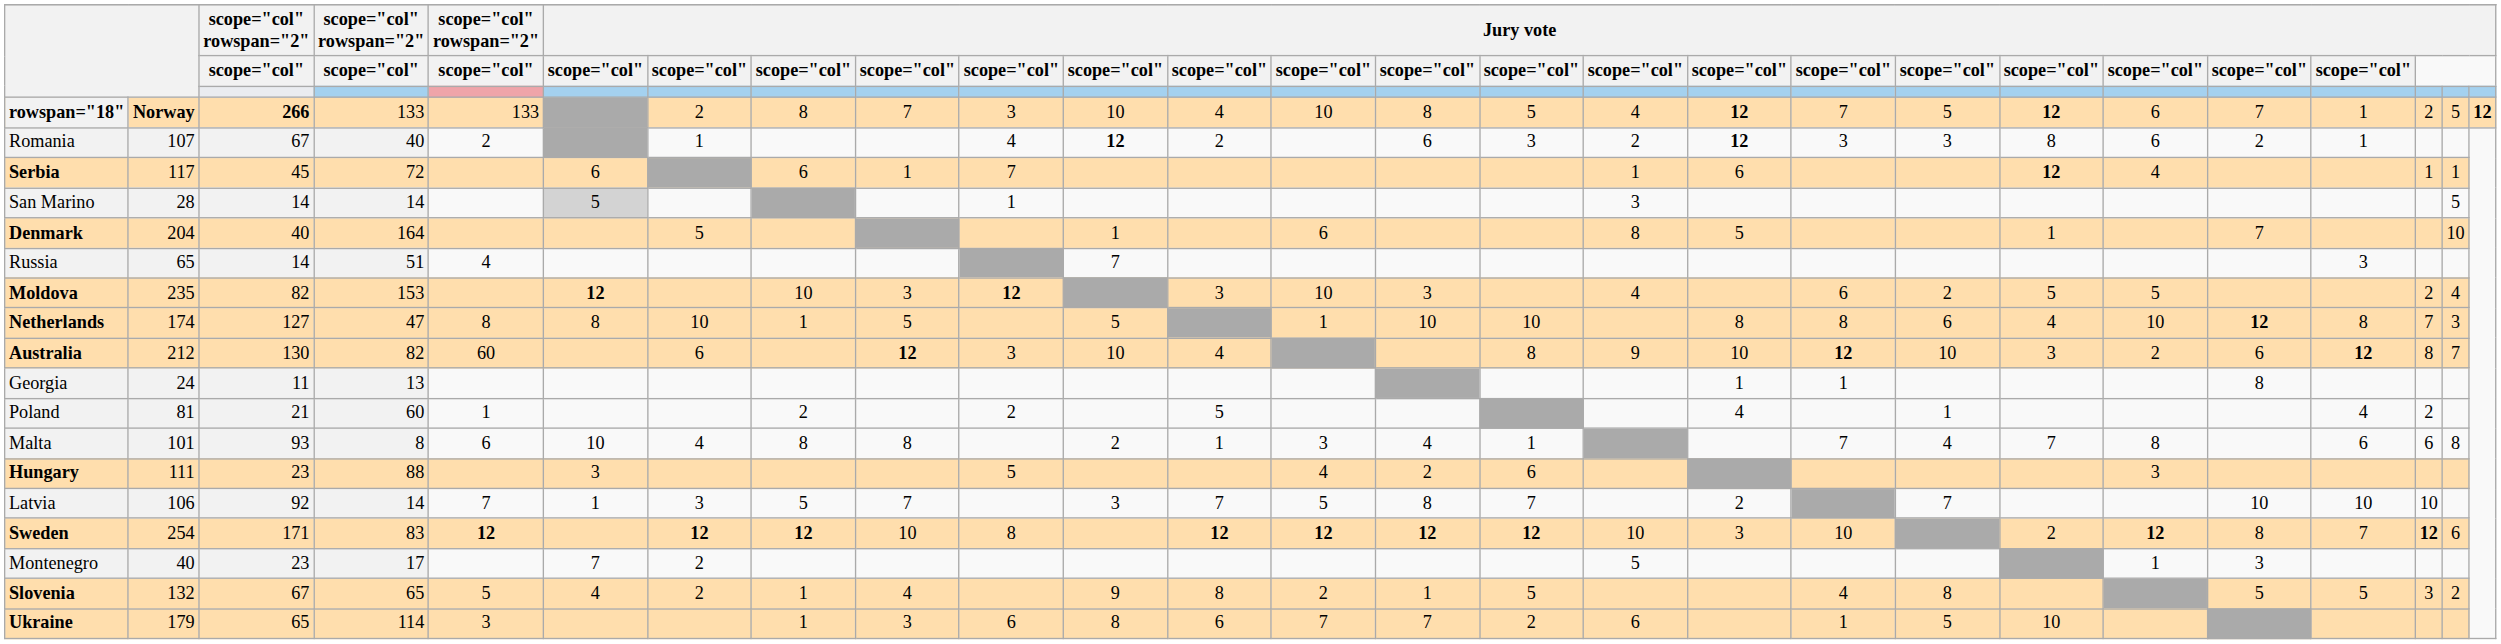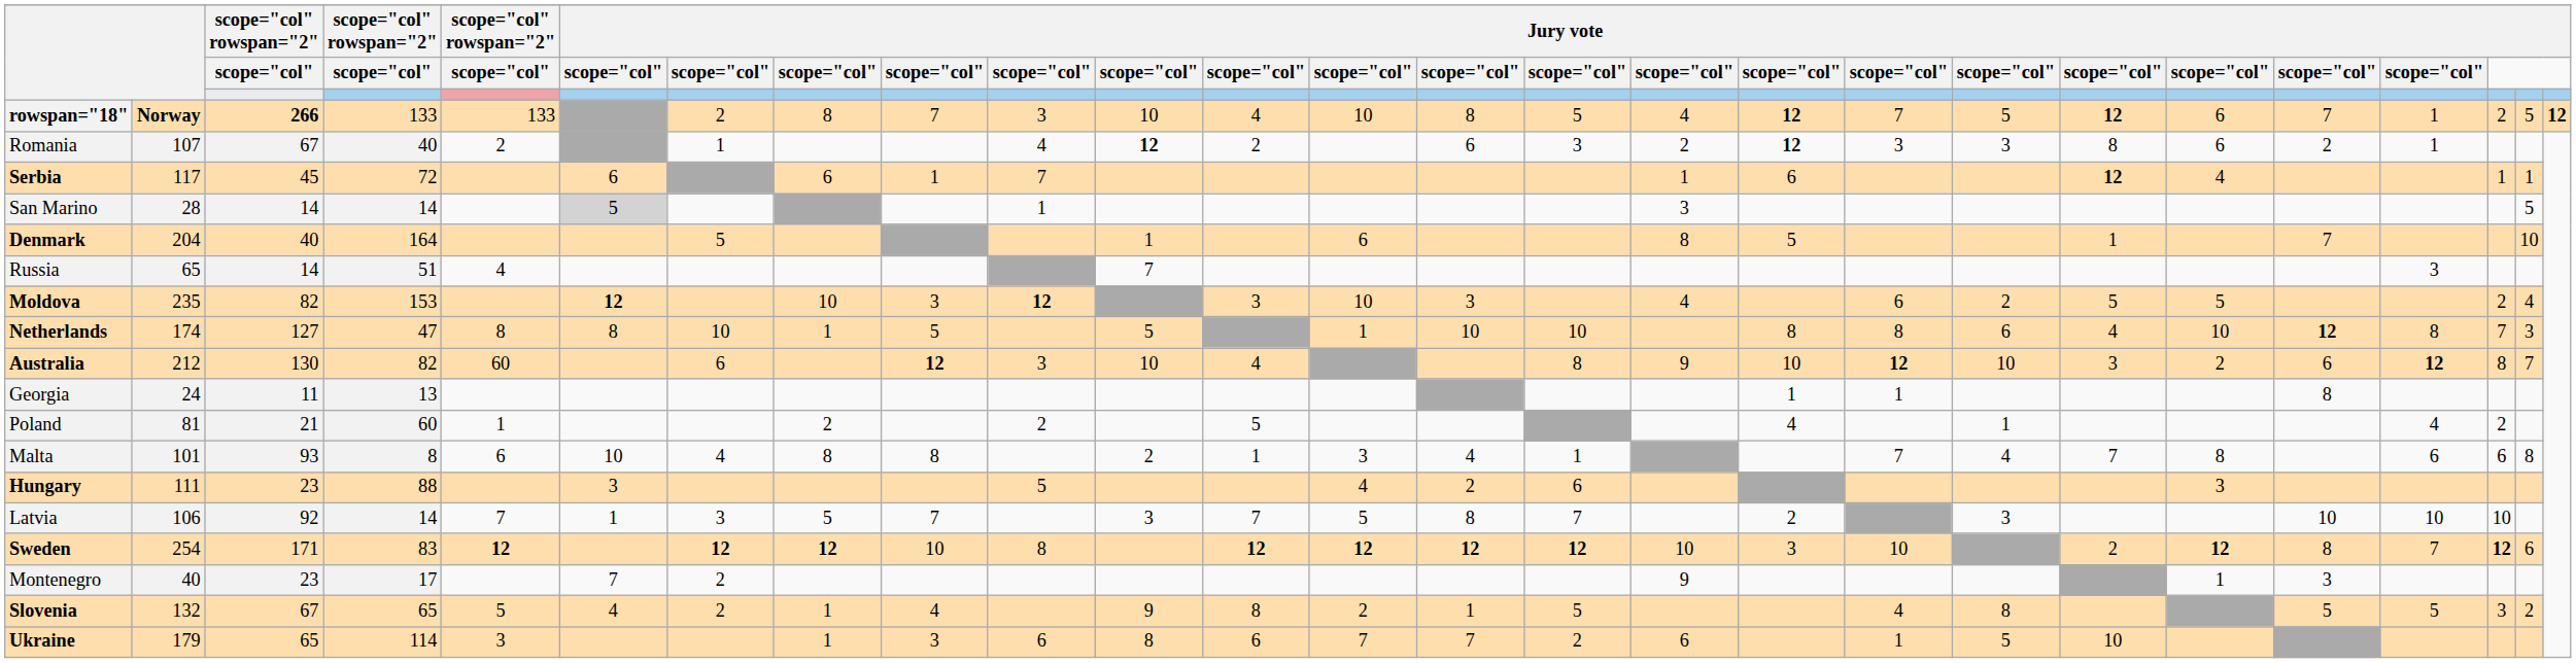 <table class="wikitable plainrowheaders" style="text-align:center; font-size:85%;">
 <tr>
 </tr>
 <tr>
 <td colspan="2" rowspan="3" style="background: #F2F2F2;"></td>
 <th>scope="col" rowspan="2" </th>
 <th>scope="col" rowspan="2" </th>
 <th>scope="col" rowspan="2" </th>
 <th scope="col" colspan="21">Jury vote</th>
 </tr>
 <tr>
 <th>scope="col" </th>
 <th>scope="col" </th>
 <th>scope="col" </th>
 <th>scope="col" </th>
 <th>scope="col" </th>
 <th>scope="col" </th>
 <th>scope="col" </th>
 <th>scope="col" </th>
 <th>scope="col" </th>
 <th>scope="col" </th>
 <th>scope="col" </th>
 <th>scope="col" </th>
 <th>scope="col" </th>
 <th>scope="col" </th>
 <th>scope="col" </th>
 <th>scope="col" </th>
 <th>scope="col" </th>
 <th>scope="col" </th>
 <th>scope="col" </th>
 <th>scope="col" </th>
 <th>scope="col" </th>
 </tr>
 <tr>
 <td style="height:2px; background:#eaecf0; border-top:1px solid transparent;"></td>
 <td style="background:#A4D1EF;"></td>
 <td style="background:#EFA4A9;"></td>
 <th style="background:#A4D1EF;"></th>
 <th style="background:#A4D1EF;"></th>
 <th style="background:#A4D1EF;"></th>
 <th style="background:#A4D1EF;"></th>
 <th style="background:#A4D1EF;"></th>
 <th style="background:#A4D1EF;"></th>
 <th style="background:#A4D1EF;"></th>
 <th style="background:#A4D1EF;"></th>
 <th style="background:#A4D1EF;"></th>
 <th style="background:#A4D1EF;"></th>
 <th style="background:#A4D1EF;"></th>
 <th style="background:#A4D1EF;"></th>
 <th style="background:#A4D1EF;"></th>
 <th style="background:#A4D1EF;"></th>
 <th style="background:#A4D1EF;"></th>
 <th style="background:#A4D1EF;"></th>
 <th style="background:#A4D1EF;"></th>
 <th style="background:#A4D1EF;"></th>
 <th style="background:#A4D1EF;"></th>
 <th style="background:#A4D1EF;"></th>
 <th style="background:#A4D1EF;"></th>
 </tr>
 <tr style="background:#ffdead;">
 <th>rowspan="18" </th>
 <td scope="row" style="text-align:left; font-weight:bold; background:#ffdead;">Norway</td>
 <td style="text-align:right;"><strong>266</strong></td>
 <td style="text-align:right;">133</td>
 <td style="text-align:right;">133</td>
 <td style="background:#AAAAAA;"></td>
 <td>2</td>
 <td>8</td>
 <td>7</td>
 <td>3</td>
 <td>10</td>
 <td>4</td>
 <td>10</td>
 <td>8</td>
 <td>5</td>
 <td>4</td>
 <td><strong>12</strong></td>
 <td>7</td>
 <td>5</td>
 <td><strong>12</strong></td>
 <td>6</td>
 <td>7</td>
 <td>1</td>
 <td>2</td>
 <td>5</td>
 <td><strong>12</strong></td>
 </tr>
 <tr>
 <td scope="row" style="text-align:left; background:#f2f2f2;">Romania</td>
 <td style="text-align:right; background:#f2f2f2;">107</td>
 <td style="text-align:right; background:#f2f2f2;">67</td>
 <td style="text-align:right; background:#f2f2f2;">40</td>
 <td>2</td>
 <td style="background:#AAAAAA;"></td>
 <td>1</td>
 <td></td>
 <td></td>
 <td>4</td>
 <td><strong>12</strong></td>
 <td>2</td>
 <td></td>
 <td>6</td>
 <td>3</td>
 <td>2</td>
 <td><strong>12</strong></td>
 <td>3</td>
 <td>3</td>
 <td>8</td>
 <td>6</td>
 <td>2</td>
 <td>1</td>
 <td></td>
 <td></td>
 </tr>
 <tr style="background:#ffdead;">
 <td scope="row" style="text-align:left; font-weight:bold; background:#ffdead;">Serbia</td>
 <td style="text-align:right;">117</td>
 <td style="text-align:right;">45</td>
 <td style="text-align:right;">72</td>
 <td></td>
 <td>6</td>
 <td style="background:#AAAAAA;"></td>
 <td>6</td>
 <td>1</td>
 <td>7</td>
 <td></td>
 <td></td>
 <td></td>
 <td></td>
 <td></td>
 <td>1</td>
 <td>6</td>
 <td></td>
 <td></td>
 <td><strong>12</strong></td>
 <td>4</td>
 <td></td>
 <td></td>
 <td>1</td>
 <td>1</td>
 </tr>
 <tr>
 <td scope="row" style="text-align:left; background:#f2f2f2;">San Marino</td>
 <td style="text-align:right; background:#f2f2f2;">28</td>
 <td style="text-align:right; background:#f2f2f2;">14</td>
 <td style="text-align:right; background:#f2f2f2;">14</td>
 <td></td>
 <td style="background: lightgrey;">5</td>
 <td></td>
 <td style="background:#AAAAAA;"></td>
 <td></td>
 <td>1</td>
 <td></td>
 <td></td>
 <td></td>
 <td></td>
 <td></td>
 <td>3</td>
 <td></td>
 <td></td>
 <td></td>
 <td></td>
 <td></td>
 <td></td>
 <td></td>
 <td></td>
 <td>5</td>
 </tr>
 <tr style="background:#ffdead;">
 <td scope="row" style="text-align:left; font-weight:bold; background:#ffdead;">Denmark</td>
 <td style="text-align:right;">204</td>
 <td style="text-align:right;">40</td>
 <td style="text-align:right;">164</td>
 <td></td>
 <td></td>
 <td>5</td>
 <td></td>
 <td style="background:#AAAAAA;"></td>
 <td></td>
 <td>1</td>
 <td></td>
 <td>6</td>
 <td></td>
 <td></td>
 <td>8</td>
 <td>5</td>
 <td></td>
 <td></td>
 <td>1</td>
 <td></td>
 <td>7</td>
 <td></td>
 <td></td>
 <td>10</td>
 </tr>
 <tr>
 <td scope="row" style="text-align:left; background:#f2f2f2;">Russia</td>
 <td style="text-align:right; background:#f2f2f2;">65</td>
 <td style="text-align:right; background:#f2f2f2;">14</td>
 <td style="text-align:right; background:#f2f2f2;">51</td>
 <td>4</td>
 <td></td>
 <td></td>
 <td></td>
 <td></td>
 <td style="background:#AAAAAA;"></td>
 <td>7</td>
 <td></td>
 <td></td>
 <td></td>
 <td></td>
 <td></td>
 <td></td>
 <td></td>
 <td></td>
 <td></td>
 <td></td>
 <td></td>
 <td>3</td>
 <td></td>
 <td></td>
 </tr>
 <tr style="background:#ffdead;">
 <td scope="row" style="text-align:left; font-weight:bold; background:#ffdead;">Moldova</td>
 <td style="text-align:right;">235</td>
 <td style="text-align:right;">82</td>
 <td style="text-align:right;">153</td>
 <td></td>
 <td><strong>12</strong></td>
 <td></td>
 <td>10</td>
 <td>3</td>
 <td><strong>12</strong></td>
 <td style="background:#AAAAAA;"></td>
 <td>3</td>
 <td>10</td>
 <td>3</td>
 <td></td>
 <td>4</td>
 <td></td>
 <td>6</td>
 <td>2</td>
 <td>5</td>
 <td>5</td>
 <td></td>
 <td></td>
 <td>2</td>
 <td>4</td>
 </tr>
 <tr style="background:#ffdead;">
 <td scope="row" style="text-align:left; font-weight:bold; background:#ffdead;">Netherlands</td>
 <td style="text-align:right;">174</td>
 <td style="text-align:right;">127</td>
 <td style="text-align:right;">47</td>
 <td>8</td>
 <td>8</td>
 <td>10</td>
 <td>1</td>
 <td>5</td>
 <td></td>
 <td>5</td>
 <td style="background:#AAAAAA;"></td>
 <td>1</td>
 <td>10</td>
 <td>10</td>
 <td></td>
 <td>8</td>
 <td>8</td>
 <td>6</td>
 <td>4</td>
 <td>10</td>
 <td><strong>12</strong></td>
 <td>8</td>
 <td>7</td>
 <td>3</td>
 </tr>
 <tr style="background:#ffdead;">
 <td scope="row" style="text-align:left; font-weight:bold; background:#ffdead;">Australia</td>
 <td style="text-align:right;">212</td>
 <td style="text-align:right;">130</td>
 <td style="text-align:right;">82</td>
 <td>60</td>
 <td></td>
 <td>6</td>
 <td></td>
 <td><strong>12</strong></td>
 <td>3</td>
 <td>10</td>
 <td>4</td>
 <td style="background:#AAAAAA;"></td>
 <td></td>
 <td>8</td>
 <td>9</td>
 <td>10</td>
 <td><strong>12</strong></td>
 <td>10</td>
 <td>3</td>
 <td>2</td>
 <td>6</td>
 <td><strong>12</strong></td>
 <td>8</td>
 <td>7</td>
 </tr>
 <tr>
 <td scope="row" style="text-align:left; background:#f2f2f2;">Georgia</td>
 <td style="text-align:right; background:#f2f2f2;">24</td>
 <td style="text-align:right; background:#f2f2f2;">11</td>
 <td style="text-align:right; background:#f2f2f2;">13</td>
 <td></td>
 <td></td>
 <td></td>
 <td></td>
 <td></td>
 <td></td>
 <td></td>
 <td></td>
 <td></td>
 <td style="background:#AAAAAA;"></td>
 <td></td>
 <td></td>
 <td>1</td>
 <td>1</td>
 <td></td>
 <td></td>
 <td></td>
 <td>8</td>
 <td></td>
 <td></td>
 <td></td>
 </tr>
 <tr>
 <td scope="row" style="text-align:left; background:#f2f2f2;">Poland</td>
 <td style="text-align:right; background:#f2f2f2;">81</td>
 <td style="text-align:right; background:#f2f2f2;">21</td>
 <td style="text-align:right; background:#f2f2f2;">60</td>
 <td>1</td>
 <td></td>
 <td></td>
 <td>2</td>
 <td></td>
 <td>2</td>
 <td></td>
 <td>5</td>
 <td></td>
 <td></td>
 <td style="background:#AAAAAA;"></td>
 <td></td>
 <td>4</td>
 <td></td>
 <td>1</td>
 <td></td>
 <td></td>
 <td></td>
 <td>4</td>
 <td>2</td>
 <td></td>
 </tr>
 <tr>
 <td scope="row" style="text-align:left; background:#f2f2f2;">Malta</td>
 <td style="text-align:right; background:#f2f2f2;">101</td>
 <td style="text-align:right; background:#f2f2f2;">93</td>
 <td style="text-align:right; background:#f2f2f2;">8</td>
 <td>6</td>
 <td>10</td>
 <td>4</td>
 <td>8</td>
 <td>8</td>
 <td></td>
 <td>2</td>
 <td>1</td>
 <td>3</td>
 <td>4</td>
 <td>1</td>
 <td style="background:#AAAAAA;"></td>
 <td></td>
 <td>7</td>
 <td>4</td>
 <td>7</td>
 <td>8</td>
 <td></td>
 <td>6</td>
 <td>6</td>
 <td>8</td>
 </tr>
 <tr style="background:#ffdead;">
 <td scope="row" style="text-align:left; font-weight:bold; background:#ffdead;">Hungary</td>
 <td style="text-align:right;">111</td>
 <td style="text-align:right;">23</td>
 <td style="text-align:right;">88</td>
 <td></td>
 <td>3</td>
 <td></td>
 <td></td>
 <td></td>
 <td>5</td>
 <td></td>
 <td></td>
 <td>4</td>
 <td>2</td>
 <td>6</td>
 <td></td>
 <td style="background:#AAAAAA;"></td>
 <td></td>
 <td></td>
 <td></td>
 <td>3</td>
 <td></td>
 <td></td>
 <td></td>
 <td></td>
 </tr>
 <tr>
 <td scope="row" style="text-align:left; background:#f2f2f2;">Latvia</td>
 <td style="text-align:right; background:#f2f2f2;">106</td>
 <td style="text-align:right; background:#f2f2f2;">92</td>
 <td style="text-align:right; background:#f2f2f2;">14</td>
 <td>7</td>
 <td>1</td>
 <td>3</td>
 <td>5</td>
 <td>7</td>
 <td></td>
 <td>3</td>
 <td>7</td>
 <td>5</td>
 <td>8</td>
 <td>7</td>
 <td></td>
 <td>2</td>
 <td style="background:#AAAAAA;"></td>
-<td>7</td>
+<td>3</td>
 <td></td>
 <td></td>
 <td>10</td>
 <td>10</td>
 <td>10</td>
 <td></td>
 </tr>
 <tr style="background:#ffdead;">
 <td scope="row" style="text-align:left; font-weight:bold; background:#ffdead;">Sweden</td>
 <td style="text-align:right;">254</td>
 <td style="text-align:right;">171</td>
 <td style="text-align:right;">83</td>
 <td><strong>12</strong></td>
 <td></td>
 <td><strong>12</strong></td>
 <td><strong>12</strong></td>
 <td>10</td>
 <td>8</td>
 <td></td>
 <td><strong>12</strong></td>
 <td><strong>12</strong></td>
 <td><strong>12</strong></td>
 <td><strong>12</strong></td>
 <td>10</td>
 <td>3</td>
 <td>10</td>
 <td style="background:#AAAAAA;"></td>
 <td>2</td>
 <td><strong>12</strong></td>
 <td>8</td>
 <td>7</td>
 <td><strong>12</strong></td>
 <td>6</td>
 </tr>
 <tr>
 <td scope="row" style="text-align:left; background:#f2f2f2;">Montenegro</td>
 <td style="text-align:right; background:#f2f2f2;">40</td>
 <td style="text-align:right; background:#f2f2f2;">23</td>
 <td style="text-align:right; background:#f2f2f2;">17</td>
 <td></td>
 <td>7</td>
 <td>2</td>
 <td></td>
 <td></td>
 <td></td>
 <td></td>
 <td></td>
 <td></td>
 <td></td>
 <td></td>
-<td>5</td>
+<td>9</td>
 <td></td>
 <td></td>
 <td></td>
 <td style="background:#AAAAAA;"></td>
 <td>1</td>
 <td>3</td>
 <td></td>
 <td></td>
 <td></td>
 </tr>
 <tr style="background:#ffdead;">
 <td scope="row" style="text-align:left; font-weight:bold; background:#ffdead;">Slovenia</td>
 <td style="text-align:right;">132</td>
 <td style="text-align:right;">67</td>
 <td style="text-align:right;">65</td>
 <td>5</td>
 <td>4</td>
 <td>2</td>
 <td>1</td>
 <td>4</td>
 <td></td>
 <td>9</td>
 <td>8</td>
 <td>2</td>
 <td>1</td>
 <td>5</td>
 <td></td>
 <td></td>
 <td>4</td>
 <td>8</td>
 <td></td>
 <td style="background:#AAAAAA;"></td>
 <td>5</td>
 <td>5</td>
 <td>3</td>
 <td>2</td>
 </tr>
 <tr style="background:#ffdead;">
 <td scope="row" style="text-align:left; font-weight:bold; background:#ffdead;">Ukraine</td>
 <td style="text-align:right;">179</td>
 <td style="text-align:right;">65</td>
 <td style="text-align:right;">114</td>
 <td>3</td>
 <td></td>
 <td></td>
 <td>1</td>
 <td>3</td>
 <td>6</td>
 <td>8</td>
 <td>6</td>
 <td>7</td>
 <td>7</td>
 <td>2</td>
 <td>6</td>
 <td></td>
 <td>1</td>
 <td>5</td>
 <td>10</td>
 <td></td>
 <td style="background:#AAAAAA;"></td>
 <td></td>
 <td></td>
 <td></td>
 </tr>
 </table>
